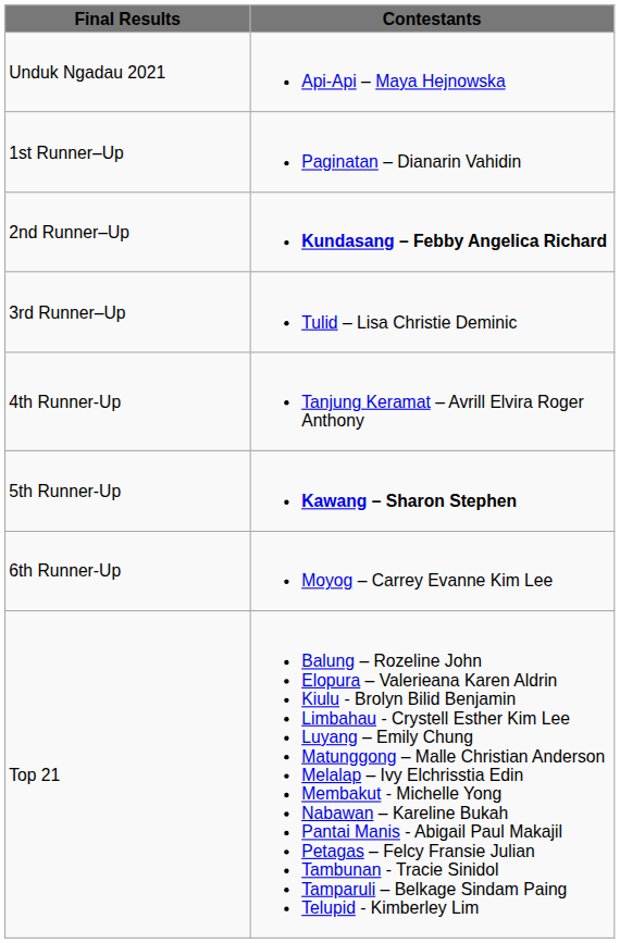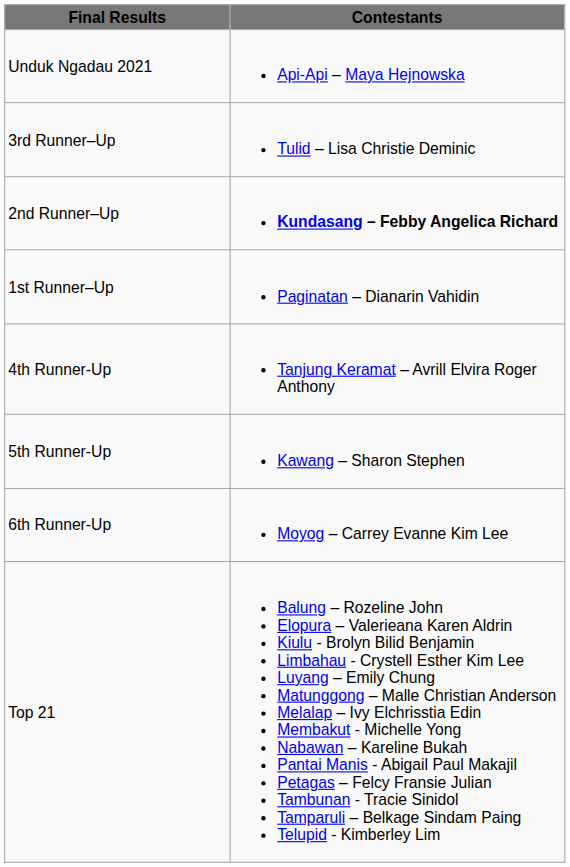 <table class="wikitable sortable" style="font-size:90%;">
 <tr>
 <th style="width:200px;background-color:#787878;colour:#FFFFFF;">Final Results</th>
 <th style="width:300px;background-color:#787878;colour:#FFFFFF;">Contestants</th>
 </tr>
 <tr>
 <td>Unduk Ngadau 2021</td>
 <td><br><ul><li> <a href='#'>Api-Api</a> –  <a href='#'>Maya Hejnowska</a></li></ul></td>
 </tr>
 <tr>
-<td>1st Runner–Up</td>
-<td><br><ul><li> <a href='#'>Paginatan</a> –  Dianarin Vahidin</li></ul></td>
+<td>3rd Runner–Up</td>
+<td><br><ul><li> <a href='#'>Tulid</a> –  Lisa Christie Deminic</li></ul></td>
 </tr>
 <tr>
 <td>2nd Runner–Up</td>
 <td><strong><br><ul><li> <a href='#'>Kundasang</a> –  Febby Angelica Richard</li></ul></strong></td>
 </tr>
 <tr>
-<td>3rd Runner–Up</td>
-<td><br><ul><li> <a href='#'>Tulid</a> –  Lisa Christie Deminic</li></ul></td>
+<td>1st Runner–Up</td>
+<td><br><ul><li> <a href='#'>Paginatan</a> –  Dianarin Vahidin</li></ul></td>
 </tr>
 <tr>
 <td>4th Runner-Up</td>
 <td><br><ul><li> <a href='#'>Tanjung Keramat</a> –  Avrill Elvira Roger Anthony</li></ul></td>
 </tr>
 <tr>
 <td>5th Runner-Up</td>
-<td><strong><br><ul><li> <a href='#'>Kawang</a> – Sharon Stephen</li></ul></strong></td>
+<td><br><ul><li> <a href='#'>Kawang</a> – Sharon Stephen</li></ul></td>
 </tr>
 <tr>
 <td>6th Runner-Up</td>
 <td><br><ul><li> <a href='#'>Moyog</a> –  Carrey Evanne Kim Lee</li></ul></td>
 </tr>
 <tr>
 <td>Top 21</td>
 <td><br><ul><li> <a href='#'>Balung</a> –  Rozeline John</li><li> <a href='#'>Elopura</a> –  Valerieana Karen Aldrin</li><li> <a href='#'>Kiulu</a> - Brolyn Bilid Benjamin</li><li> <a href='#'>Limbahau</a> - Crystell Esther Kim Lee</li><li> <a href='#'>Luyang</a> –  Emily Chung</li><li> <a href='#'>Matunggong</a> –  Malle Christian Anderson</li><li> <a href='#'>Melalap</a> – Ivy Elchrisstia Edin</li><li> <a href='#'>Membakut</a> - Michelle Yong</li><li> <a href='#'>Nabawan</a> – Kareline Bukah</li><li> <a href='#'>Pantai Manis</a> - Abigail Paul Makajil</li><li> <a href='#'>Petagas</a> –  Felcy Fransie Julian</li><li> <a href='#'>Tambunan</a> - Tracie Sinidol</li><li> <a href='#'>Tamparuli</a> – Belkage Sindam Paing</li><li> <a href='#'>Telupid</a> - Kimberley Lim</li></ul></td>
 </tr>
 </table>
